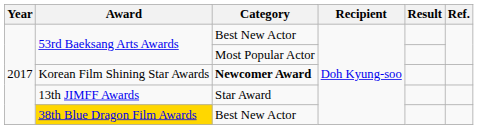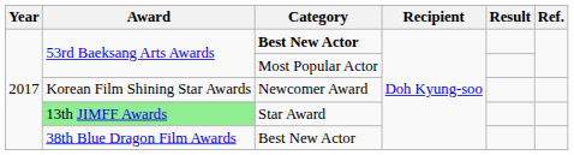 <table class="wikitable">
 <tr>
 <th>Year</th>
 <th>Award</th>
 <th>Category</th>
 <th>Recipient</th>
 <th>Result</th>
 <th>Ref.</th>
 </tr>
 <tr>
 <td rowspan="5">2017</td>
 <td rowspan="2"><a href='#'>53rd Baeksang Arts Awards</a></td>
-<td>Best New Actor</td>
+<td><strong>Best New Actor</strong></td>
 <td rowspan="5"><a href='#'>Doh Kyung-soo</a></td>
 <td></td>
 <td rowspan="2"></td>
 </tr>
 <tr>
 <td>Most Popular Actor</td>
 <td></td>
 </tr>
 <tr>
 <td>Korean Film Shining Star Awards</td>
-<td><strong>Newcomer Award</strong></td>
+<td>Newcomer Award</td>
 <td></td>
 <td></td>
 </tr>
 <tr>
-<td>13th <a href='#'>JIMFF Awards</a></td>
+<td style="background: lightgreen;">13th <a href='#'>JIMFF Awards</a></td>
 <td>Star Award</td>
 <td></td>
 <td></td>
 </tr>
 <tr>
-<td style="background: gold;"><a href='#'>38th Blue Dragon Film Awards</a></td>
+<td><a href='#'>38th Blue Dragon Film Awards</a></td>
 <td>Best New Actor</td>
 <td></td>
 <td></td>
 </tr>
 </table>
